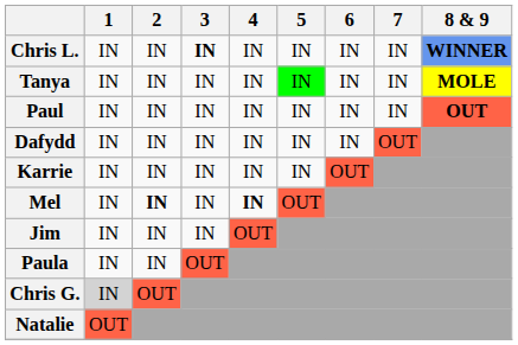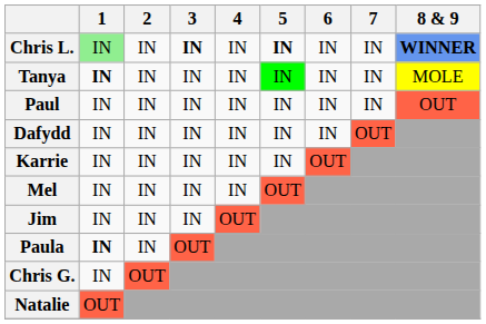 <table class="wikitable" style="text-align:center">
 <tr>
 <th></th>
 <th>1</th>
 <th>2</th>
 <th>3</th>
 <th>4</th>
 <th>5</th>
 <th>6</th>
 <th>7</th>
 <th>8 & 9</th>
 </tr>
 <tr>
 <th>Chris L.</th>
-<td>IN</td>
+<td style="background: lightgreen;">IN</td>
 <td>IN</td>
 <td><strong>IN</strong></td>
 <td>IN</td>
-<td>IN</td>
+<td><strong>IN</strong></td>
 <td>IN</td>
 <td>IN</td>
 <td style="background:cornflowerblue;"><strong>WINNER</strong></td>
 </tr>
 <tr>
 <th>Tanya</th>
-<td>IN</td>
+<td><strong>IN</strong></td>
 <td>IN</td>
 <td>IN</td>
 <td>IN</td>
 <td style="background:lime;">IN</td>
 <td>IN</td>
 <td>IN</td>
-<td style="background:yellow;"><strong>MOLE</strong></td>
+<td style="background:yellow;">MOLE</td>
 </tr>
 <tr>
 <th>Paul</th>
 <td>IN</td>
 <td>IN</td>
 <td>IN</td>
 <td>IN</td>
 <td>IN</td>
 <td>IN</td>
 <td>IN</td>
-<td style="background:tomato;"><strong>OUT</strong></td>
+<td style="background:tomato;">OUT</td>
 </tr>
 <tr>
 <th>Dafydd</th>
 <td>IN</td>
 <td>IN</td>
 <td>IN</td>
 <td>IN</td>
 <td>IN</td>
 <td>IN</td>
 <td style="background:tomato;">OUT</td>
 <td colspan=2 bgcolor="darkgray"></td>
 </tr>
 <tr>
 <th>Karrie</th>
 <td>IN</td>
 <td>IN</td>
 <td>IN</td>
 <td>IN</td>
 <td>IN</td>
 <td style="background:tomato;">OUT</td>
 <td colspan=3 bgcolor="darkgray"></td>
 </tr>
 <tr>
 <th>Mel</th>
 <td>IN</td>
-<td><strong>IN</strong></td>
 <td>IN</td>
-<td><strong>IN</strong></td>
+<td>IN</td>
+<td>IN</td>
 <td style="background:tomato;">OUT</td>
 <td colspan=4 bgcolor="darkgray"></td>
 </tr>
 <tr>
 <th>Jim</th>
 <td>IN</td>
 <td>IN</td>
 <td>IN</td>
 <td style="background:tomato;">OUT</td>
 <td colspan=5 bgcolor="darkgray"></td>
 </tr>
 <tr>
 <th>Paula</th>
-<td>IN</td>
+<td><strong>IN</strong></td>
 <td>IN</td>
 <td style="background:tomato;">OUT</td>
 <td colspan=6 bgcolor="darkgray"></td>
 </tr>
 <tr>
 <th>Chris G.</th>
-<td style="background: lightgrey;">IN</td>
+<td>IN</td>
 <td style="background:tomato;">OUT</td>
 <td colspan=7 bgcolor="darkgray"></td>
 </tr>
 <tr>
 <th>Natalie</th>
 <td style="background:tomato;">OUT</td>
 <td colspan=8 bgcolor="darkgray"></td>
 </tr>
 <tr>
 </tr>
 </table>
